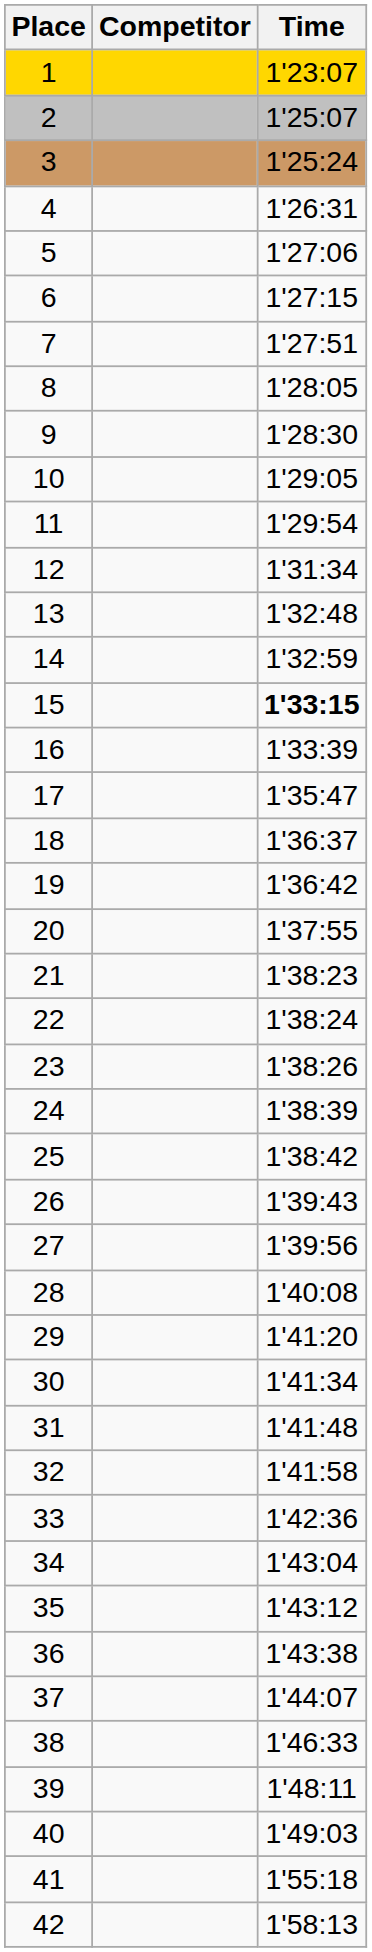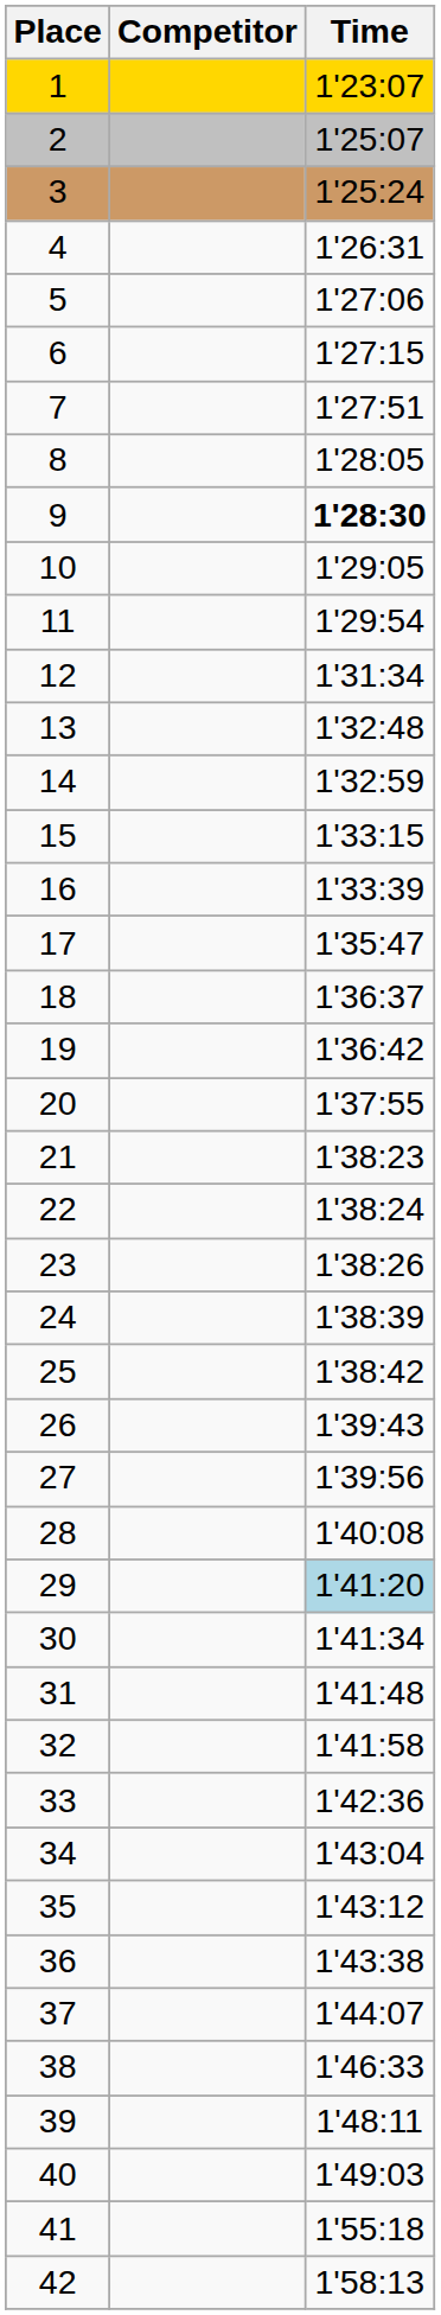 <table class=wikitable style="text-align:center">
 <tr>
 <th>Place</th>
 <th>Competitor</th>
 <th>Time</th>
 </tr>
 <tr align=center bgcolor=gold>
 <td>1</td>
 <td align=left></td>
 <td>1'23:07</td>
 </tr>
 <tr align=center bgcolor=silver>
 <td>2</td>
 <td align=left></td>
 <td>1'25:07</td>
 </tr>
 <tr align=center bgcolor=cc9966>
 <td>3</td>
 <td align=left></td>
 <td>1'25:24</td>
 </tr>
 <tr>
 <td>4</td>
 <td align=left></td>
 <td>1'26:31</td>
 </tr>
 <tr>
 <td>5</td>
 <td align=left></td>
 <td>1'27:06</td>
 </tr>
 <tr>
 <td>6</td>
 <td align=left></td>
 <td>1'27:15</td>
 </tr>
 <tr>
 <td>7</td>
 <td align=left></td>
 <td>1'27:51</td>
 </tr>
 <tr>
 <td>8</td>
 <td align=left></td>
 <td>1'28:05</td>
 </tr>
 <tr>
 <td>9</td>
 <td align=left></td>
-<td>1'28:30</td>
+<td><strong>1'28:30</strong></td>
 </tr>
 <tr>
 <td>10</td>
 <td align=left></td>
 <td>1'29:05</td>
 </tr>
 <tr>
 <td>11</td>
 <td align=left></td>
 <td>1'29:54</td>
 </tr>
 <tr>
 <td>12</td>
 <td align=left></td>
 <td>1'31:34</td>
 </tr>
 <tr>
 <td>13</td>
 <td align=left></td>
 <td>1'32:48</td>
 </tr>
 <tr>
 <td>14</td>
 <td align=left></td>
 <td>1'32:59</td>
 </tr>
 <tr>
 <td>15</td>
 <td align=left></td>
-<td><strong>1'33:15</strong></td>
+<td>1'33:15</td>
 </tr>
 <tr>
 <td>16</td>
 <td align=left></td>
 <td>1'33:39</td>
 </tr>
 <tr>
 <td>17</td>
 <td align=left></td>
 <td>1'35:47</td>
 </tr>
 <tr>
 <td>18</td>
 <td align=left></td>
 <td>1'36:37</td>
 </tr>
 <tr>
 <td>19</td>
 <td align=left></td>
 <td>1'36:42</td>
 </tr>
 <tr>
 <td>20</td>
 <td align=left></td>
 <td>1'37:55</td>
 </tr>
 <tr>
 <td>21</td>
 <td align=left></td>
 <td>1'38:23</td>
 </tr>
 <tr>
 <td>22</td>
 <td align=left></td>
 <td>1'38:24</td>
 </tr>
 <tr>
 <td>23</td>
 <td align=left></td>
 <td>1'38:26</td>
 </tr>
 <tr>
 <td>24</td>
 <td align=left></td>
 <td>1'38:39</td>
 </tr>
 <tr>
 <td>25</td>
 <td align=left></td>
 <td>1'38:42</td>
 </tr>
 <tr>
 <td>26</td>
 <td align=left></td>
 <td>1'39:43</td>
 </tr>
 <tr>
 <td>27</td>
 <td align=left></td>
 <td>1'39:56</td>
 </tr>
 <tr>
 <td>28</td>
 <td align=left></td>
 <td>1'40:08</td>
 </tr>
 <tr>
 <td>29</td>
 <td align=left></td>
-<td>1'41:20</td>
+<td style="background: lightblue;">1'41:20</td>
 </tr>
 <tr>
 <td>30</td>
 <td align=left></td>
 <td>1'41:34</td>
 </tr>
 <tr>
 <td>31</td>
 <td align=left></td>
 <td>1'41:48</td>
 </tr>
 <tr>
 <td>32</td>
 <td align=left></td>
 <td>1'41:58</td>
 </tr>
 <tr>
 <td>33</td>
 <td align=left></td>
 <td>1'42:36</td>
 </tr>
 <tr>
 <td>34</td>
 <td align=left></td>
 <td>1'43:04</td>
 </tr>
 <tr>
 <td>35</td>
 <td align=left></td>
 <td>1'43:12</td>
 </tr>
 <tr>
 <td>36</td>
 <td align=left></td>
 <td>1'43:38</td>
 </tr>
 <tr>
 <td>37</td>
 <td align=left></td>
 <td>1'44:07</td>
 </tr>
 <tr>
 <td>38</td>
 <td align=left></td>
 <td>1'46:33</td>
 </tr>
 <tr>
 <td>39</td>
 <td align=left></td>
 <td>1'48:11</td>
 </tr>
 <tr>
 <td>40</td>
 <td align=left></td>
 <td>1'49:03</td>
 </tr>
 <tr>
 <td>41</td>
 <td align=left></td>
 <td>1'55:18</td>
 </tr>
 <tr>
 <td>42</td>
 <td align=left></td>
 <td>1'58:13</td>
 </tr>
 </table>
